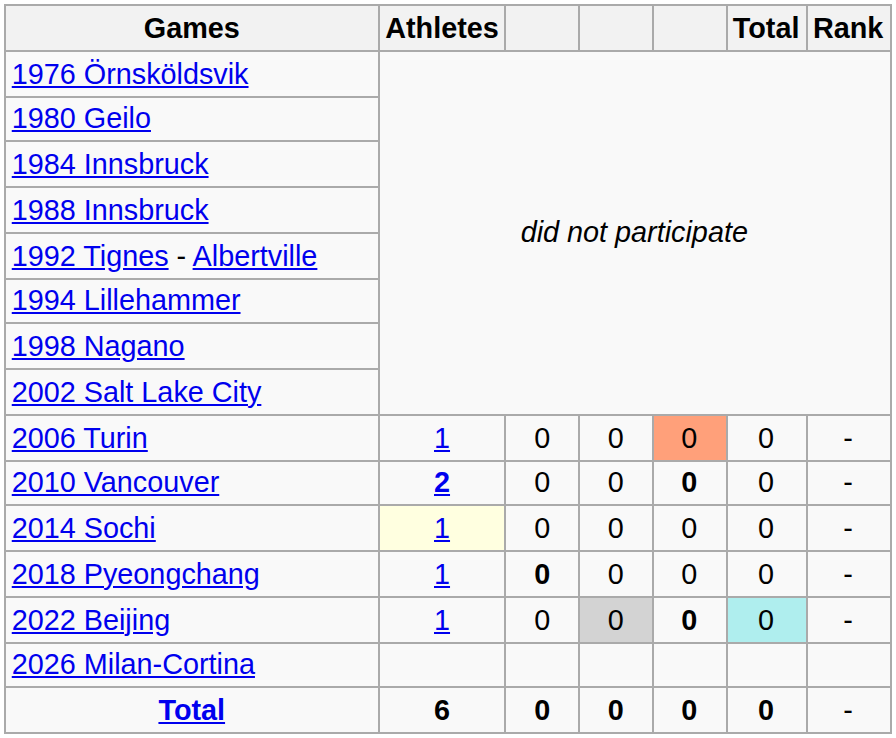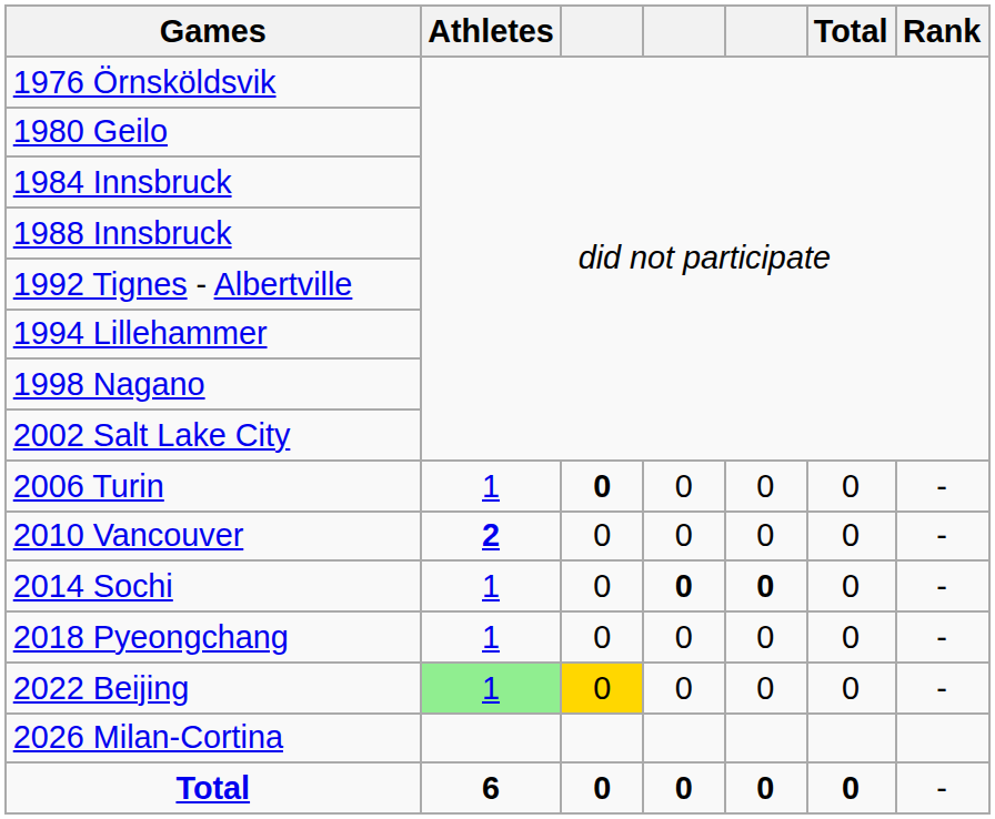 <table class="wikitable sortable"  style="font-size:90%; text-align:center;">
 <tr>
 <th width=180>Games</th>
 <th width=30>Athletes</th>
 <th width=30 class="unsortable"></th>
 <th width=30 class="unsortable"></th>
 <th width=30 class="unsortable"></th>
 <th width=30 class="unsortable">Total</th>
 <th width=30 class="unsortable">Rank</th>
 </tr>
 <tr align=center class="sortbottom">
 <td align=left> <a href='#'>1976 Örnsköldsvik</a></td>
 <td colspan=6 rowspan=8><em>did not participate</em></td>
 </tr>
 <tr align=center class="sortbottom">
 <td align=left> <a href='#'>1980 Geilo</a></td>
 </tr>
 <tr align=center class="sortbottom">
 <td align=left> <a href='#'>1984 Innsbruck</a></td>
 </tr>
 <tr align=center class="sortbottom">
 <td align=left> <a href='#'>1988 Innsbruck</a></td>
 </tr>
 <tr align=center class="sortbottom">
 <td align=left> <a href='#'>1992 Tignes</a> - <a href='#'>Albertville</a></td>
 </tr>
 <tr align=center class="sortbottom">
 <td align=left> <a href='#'>1994 Lillehammer</a></td>
 </tr>
 <tr align=center class="sortbottom">
 <td align=left> <a href='#'>1998 Nagano</a></td>
 </tr>
 <tr align=center class="sortbottom">
 <td align=left> <a href='#'>2002 Salt Lake City</a></td>
 </tr>
 <tr align=center>
 <td align=left> <a href='#'>2006 Turin</a></td>
 <td><a href='#'>1</a></td>
+<td><strong>0</strong></td>
 <td>0</td>
 <td>0</td>
-<td style="background: lightsalmon;">0</td>
 <td>0</td>
 <td>-</td>
 </tr>
 <tr align=center>
 <td align=left> <a href='#'>2010 Vancouver</a></td>
 <td><a href='#'><strong>2</strong></a></td>
 <td>0</td>
 <td>0</td>
+<td>0</td>
+<td>0</td>
+<td>-</td>
+</tr>
+<tr align=center>
+<td align=left> <a href='#'>2014 Sochi</a></td>
+<td><a href='#'>1</a></td>
+<td>0</td>
+<td><strong>0</strong></td>
 <td><strong>0</strong></td>
 <td>0</td>
 <td>-</td>
 </tr>
 <tr align=center>
-<td align=left> <a href='#'>2014 Sochi</a></td>
-<td style="background: lightyellow;"><a href='#'>1</a></td>
+<td align=left> <a href='#'>2018 Pyeongchang</a></td>
+<td><a href='#'>1</a></td>
 <td>0</td>
 <td>0</td>
 <td>0</td>
 <td>0</td>
 <td>-</td>
 </tr>
 <tr align=center>
-<td align=left> <a href='#'>2018 Pyeongchang</a></td>
-<td><a href='#'>1</a></td>
-<td><strong>0</strong></td>
+<td align=left> <a href='#'>2022 Beijing</a></td>
+<td style="background: lightgreen;"><a href='#'>1</a></td>
+<td style="background: gold;">0</td>
 <td>0</td>
 <td>0</td>
 <td>0</td>
-<td>-</td>
-</tr>
-<tr align=center>
-<td align=left> <a href='#'>2022 Beijing</a></td>
-<td><a href='#'>1</a></td>
-<td>0</td>
-<td style="background: lightgrey;">0</td>
-<td><strong>0</strong></td>
-<td style="background: paleturquoise;">0</td>
 <td>-</td>
 </tr>
 <tr align=center>
 <td align=left> <a href='#'>2026 Milan-Cortina</a></td>
 <td></td>
 <td></td>
 <td></td>
 <td></td>
 <td></td>
 <td></td>
 </tr>
 <tr class="sortbottom" style="text-align:center;">
 <td><strong><a href='#'>Total</a></strong></td>
 <td><strong>6</strong></td>
 <td><strong>0</strong></td>
 <td><strong>0</strong></td>
 <td><strong>0</strong></td>
 <td><strong>0</strong></td>
 <td>-</td>
 </tr>
 </table>
